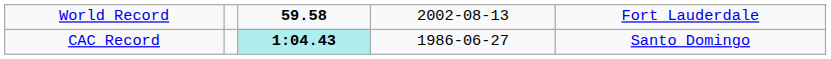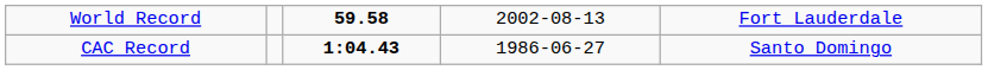 <table class="wikitable" style=" text-align:center; font-size:95%;" width="75%">
 <tr>
 <td><a href='#'>World Record</a></td>
 <td></td>
 <td><strong>59.58</strong></td>
 <td>2002-08-13</td>
 <td> <a href='#'>Fort Lauderdale</a></td>
 </tr>
 <tr>
 <td><a href='#'>CAC Record</a></td>
 <td></td>
-<td style="background: paleturquoise;"><strong>1:04.43</strong></td>
+<td><strong>1:04.43</strong></td>
 <td>1986-06-27</td>
 <td> <a href='#'>Santo Domingo</a></td>
 </tr>
 </table>
